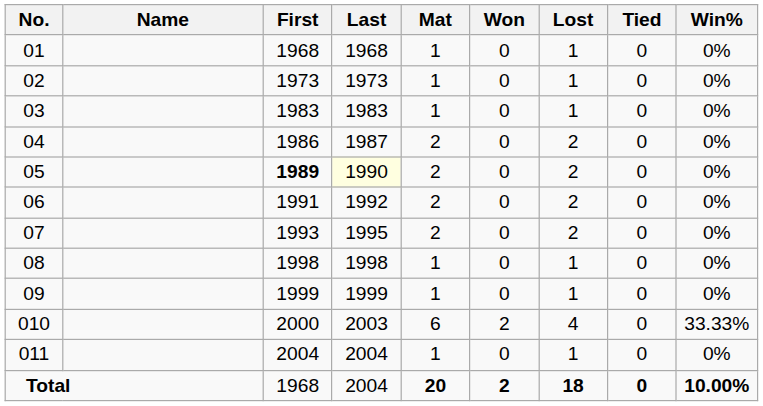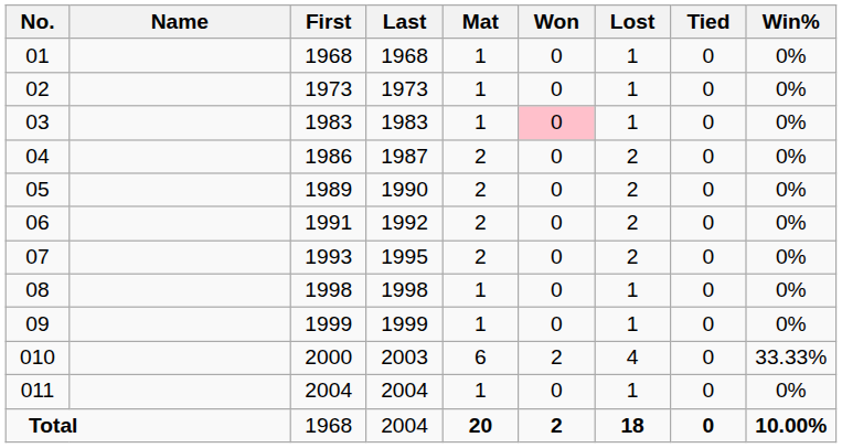 <table class="wikitable sortable" style="margin: 1em auto 1em auto">
 <tr>
 <th width="40">No.</th>
 <th width="160">Name</th>
 <th width="50">First</th>
 <th width="50">Last</th>
 <th width="50">Mat</th>
 <th width="50">Won</th>
 <th width="50">Lost</th>
 <th width="50">Tied</th>
 <th width="60">Win%</th>
 </tr>
 <tr align=center>
 <td><span>0</span>1</td>
 <td align=left></td>
 <td>1968</td>
 <td>1968</td>
 <td>1</td>
 <td>0</td>
 <td>1</td>
 <td>0</td>
 <td>0%</td>
 </tr>
 <tr align=center>
 <td><span>0</span>2</td>
 <td align=left></td>
 <td>1973</td>
 <td>1973</td>
 <td>1</td>
 <td>0</td>
 <td>1</td>
 <td>0</td>
 <td>0%</td>
 </tr>
 <tr align=center>
 <td><span>0</span>3</td>
 <td align=left></td>
 <td>1983</td>
 <td>1983</td>
 <td>1</td>
-<td>0</td>
+<td style="background: pink;">0</td>
 <td>1</td>
 <td>0</td>
 <td>0%</td>
 </tr>
 <tr align=center>
 <td><span>0</span>4</td>
 <td align=left></td>
 <td>1986</td>
 <td>1987</td>
 <td>2</td>
 <td>0</td>
 <td>2</td>
 <td>0</td>
 <td>0%</td>
 </tr>
 <tr align=center>
 <td><span>0</span>5</td>
 <td align=left></td>
-<td><strong>1989</strong></td>
-<td style="background: lightyellow;">1990</td>
+<td>1989</td>
+<td>1990</td>
 <td>2</td>
 <td>0</td>
 <td>2</td>
 <td>0</td>
 <td>0%</td>
 </tr>
 <tr align=center>
 <td><span>0</span>6</td>
 <td align=left></td>
 <td>1991</td>
 <td>1992</td>
 <td>2</td>
 <td>0</td>
 <td>2</td>
 <td>0</td>
 <td>0%</td>
 </tr>
 <tr align=center>
 <td><span>0</span>7</td>
 <td align=left></td>
 <td>1993</td>
 <td>1995</td>
 <td>2</td>
 <td>0</td>
 <td>2</td>
 <td>0</td>
 <td>0%</td>
 </tr>
 <tr align=center>
 <td><span>0</span>8</td>
 <td align=left></td>
 <td>1998</td>
 <td>1998</td>
 <td>1</td>
 <td>0</td>
 <td>1</td>
 <td>0</td>
 <td>0%</td>
 </tr>
 <tr align=center>
 <td><span>0</span>9</td>
 <td align=left></td>
 <td>1999</td>
 <td>1999</td>
 <td>1</td>
 <td>0</td>
 <td>1</td>
 <td>0</td>
 <td>0%</td>
 </tr>
 <tr align=center>
 <td><span>0</span>10</td>
 <td align=left></td>
 <td>2000</td>
 <td>2003</td>
 <td>6</td>
 <td>2</td>
 <td>4</td>
 <td>0</td>
 <td>33.33%</td>
 </tr>
 <tr align=center>
 <td><span>0</span>11</td>
 <td align=left></td>
 <td>2004</td>
 <td>2004</td>
 <td>1</td>
 <td>0</td>
 <td>1</td>
 <td>0</td>
 <td>0%</td>
 </tr>
 <tr class="sortbottom" align=center>
 <td colspan=2 align=left><strong>   Total</strong></td>
 <td>1968</td>
 <td>2004</td>
 <td><strong>20</strong></td>
 <td><strong>2</strong></td>
 <td><strong>18</strong></td>
 <td><strong>0</strong></td>
 <td><strong>10.00%</strong></td>
 </tr>
 </table>
